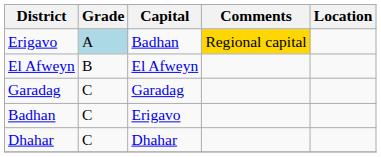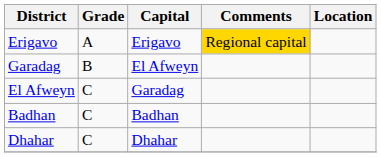 <table class="wikitable sortable">
 <tr>
 <th>District</th>
 <th>Grade</th>
 <th>Capital</th>
 <th>Comments</th>
 <th>Location</th>
 </tr>
 <tr>
 <td><a href='#'>Erigavo</a></td>
-<td style="background: lightblue;">A</td>
-<td><a href='#'>Badhan</a></td>
+<td>A</td>
+<td><a href='#'>Erigavo</a></td>
 <td style="background: gold;">Regional capital</td>
 <td></td>
 </tr>
 <tr>
-<td><a href='#'>El Afweyn</a></td>
+<td><a href='#'>Garadag</a></td>
 <td>B</td>
 <td><a href='#'>El Afweyn</a></td>
 <td></td>
 <td></td>
 </tr>
 <tr>
-<td><a href='#'>Garadag</a></td>
+<td><a href='#'>El Afweyn</a></td>
 <td>C</td>
 <td><a href='#'>Garadag</a></td>
 <td></td>
 <td></td>
 </tr>
 <tr>
 <td><a href='#'>Badhan</a></td>
 <td>C</td>
-<td><a href='#'>Erigavo</a></td>
+<td><a href='#'>Badhan</a></td>
 <td></td>
 <td></td>
 </tr>
 <tr>
 <td><a href='#'>Dhahar</a></td>
 <td>C</td>
 <td><a href='#'>Dhahar</a></td>
 <td></td>
 <td></td>
 </tr>
 <tr>
 </tr>
 </table>
